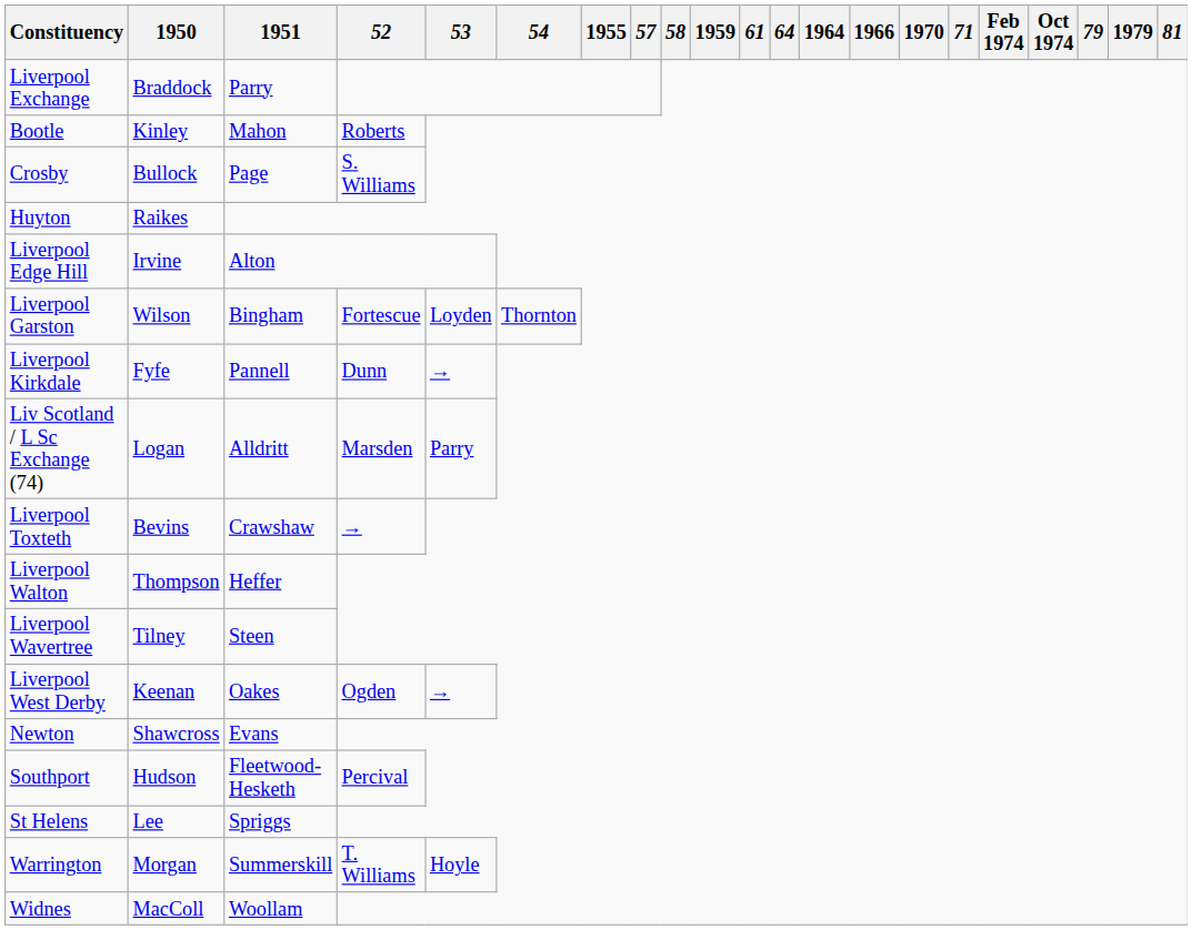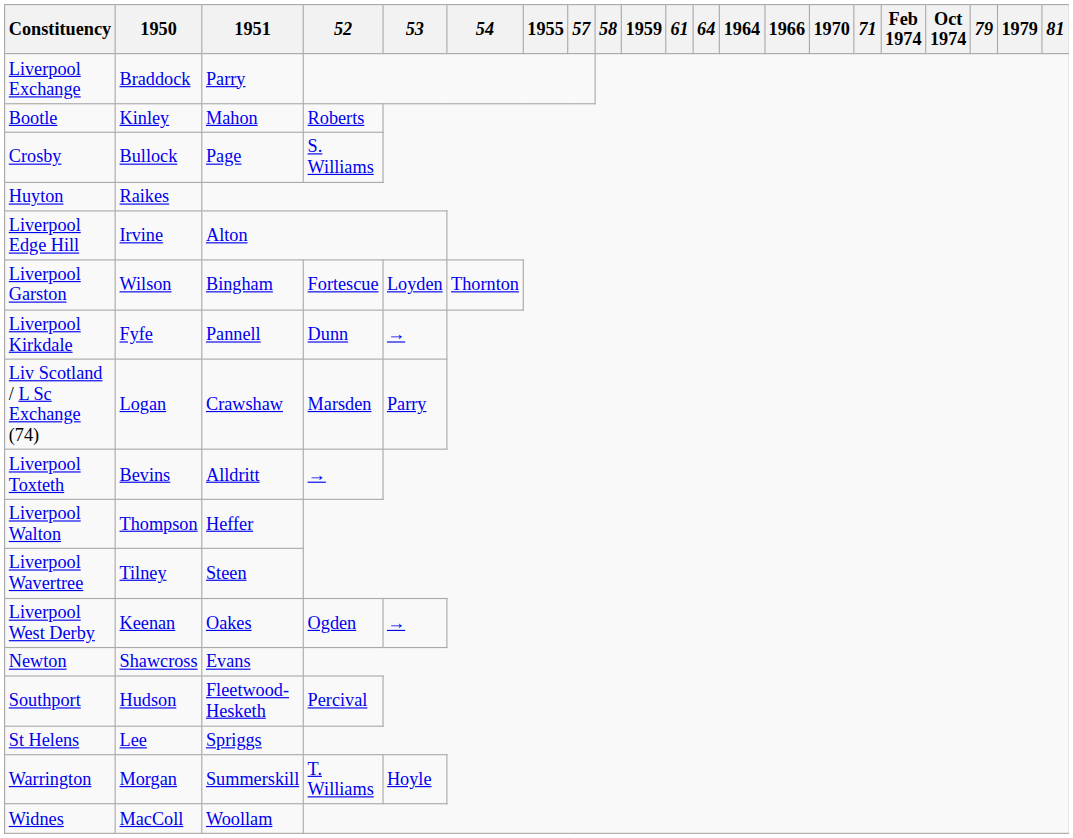 <table class=wikitable>
 <tr>
 <th>Constituency</th>
 <th>1950</th>
 <th>1951</th>
 <th><em>52</em></th>
 <th><em>53</em></th>
 <th><em>54</em></th>
 <th>1955</th>
 <th><em>57</em></th>
 <th><em>58</em></th>
 <th>1959</th>
 <th><em>61</em></th>
 <th><em>64</em></th>
 <th>1964</th>
 <th>1966</th>
 <th>1970</th>
 <th><em>71</em></th>
 <th>Feb 1974</th>
 <th>Oct 1974</th>
 <th><em>79</em></th>
 <th>1979</th>
 <th><em>81</em></th>
 </tr>
 <tr>
 <td><a href='#'>Liverpool Exchange</a></td>
 <td><a href='#'>Braddock</a></td>
 <td><a href='#'>Parry</a></td>
 <td colspan="5"></td>
 </tr>
 <tr>
 <td><a href='#'>Bootle</a></td>
 <td><a href='#'>Kinley</a></td>
 <td><a href='#'>Mahon</a></td>
 <td><a href='#'>Roberts</a></td>
 </tr>
 <tr>
 <td><a href='#'>Crosby</a></td>
 <td><a href='#'>Bullock</a></td>
 <td><a href='#'>Page</a></td>
 <td><a href='#'>S. Williams</a></td>
 </tr>
 <tr>
 <td><a href='#'>Huyton</a></td>
 <td><a href='#'>Raikes</a></td>
 </tr>
 <tr>
 <td><a href='#'>Liverpool Edge Hill</a></td>
 <td><a href='#'>Irvine</a></td>
 <td colspan="3"><a href='#'>Alton</a></td>
 </tr>
 <tr>
 <td><a href='#'>Liverpool Garston</a></td>
 <td><a href='#'>Wilson</a></td>
 <td><a href='#'>Bingham</a></td>
 <td><a href='#'>Fortescue</a></td>
 <td><a href='#'>Loyden</a></td>
 <td><a href='#'>Thornton</a></td>
 </tr>
 <tr>
 <td><a href='#'>Liverpool Kirkdale</a></td>
 <td><a href='#'>Fyfe</a></td>
 <td><a href='#'>Pannell</a></td>
 <td><a href='#'>Dunn</a></td>
 <td><a href='#'>→</a></td>
 </tr>
 <tr>
 <td><a href='#'>Liv Scotland</a> / <a href='#'>L Sc Exchange</a> (74)</td>
 <td><a href='#'>Logan</a></td>
-<td><a href='#'>Alldritt</a></td>
+<td><a href='#'>Crawshaw</a></td>
 <td><a href='#'>Marsden</a></td>
 <td><a href='#'>Parry</a></td>
 </tr>
 <tr>
 <td><a href='#'>Liverpool Toxteth</a></td>
 <td><a href='#'>Bevins</a></td>
-<td><a href='#'>Crawshaw</a></td>
+<td><a href='#'>Alldritt</a></td>
 <td><a href='#'>→</a></td>
 </tr>
 <tr>
 <td><a href='#'>Liverpool Walton</a></td>
 <td><a href='#'>Thompson</a></td>
 <td><a href='#'>Heffer</a></td>
 </tr>
 <tr>
 <td><a href='#'>Liverpool Wavertree</a></td>
 <td><a href='#'>Tilney</a></td>
 <td><a href='#'>Steen</a></td>
 </tr>
 <tr>
 <td><a href='#'>Liverpool West Derby</a></td>
 <td><a href='#'>Keenan</a></td>
 <td><a href='#'>Oakes</a></td>
 <td><a href='#'>Ogden</a></td>
 <td><a href='#'>→</a></td>
 </tr>
 <tr>
 <td><a href='#'>Newton</a></td>
 <td><a href='#'>Shawcross</a></td>
 <td><a href='#'>Evans</a></td>
 </tr>
 <tr>
 <td><a href='#'>Southport</a></td>
 <td><a href='#'>Hudson</a></td>
 <td><a href='#'>Fleetwood-Hesketh</a></td>
 <td><a href='#'>Percival</a></td>
 </tr>
 <tr>
 <td><a href='#'>St Helens</a></td>
 <td><a href='#'>Lee</a></td>
 <td><a href='#'>Spriggs</a></td>
 </tr>
 <tr>
 <td><a href='#'>Warrington</a></td>
 <td><a href='#'>Morgan</a></td>
 <td><a href='#'>Summerskill</a></td>
 <td><a href='#'>T. Williams</a></td>
 <td><a href='#'>Hoyle</a></td>
 </tr>
 <tr>
 <td><a href='#'>Widnes</a></td>
 <td><a href='#'>MacColl</a></td>
 <td><a href='#'>Woollam</a></td>
 </tr>
 </table>
